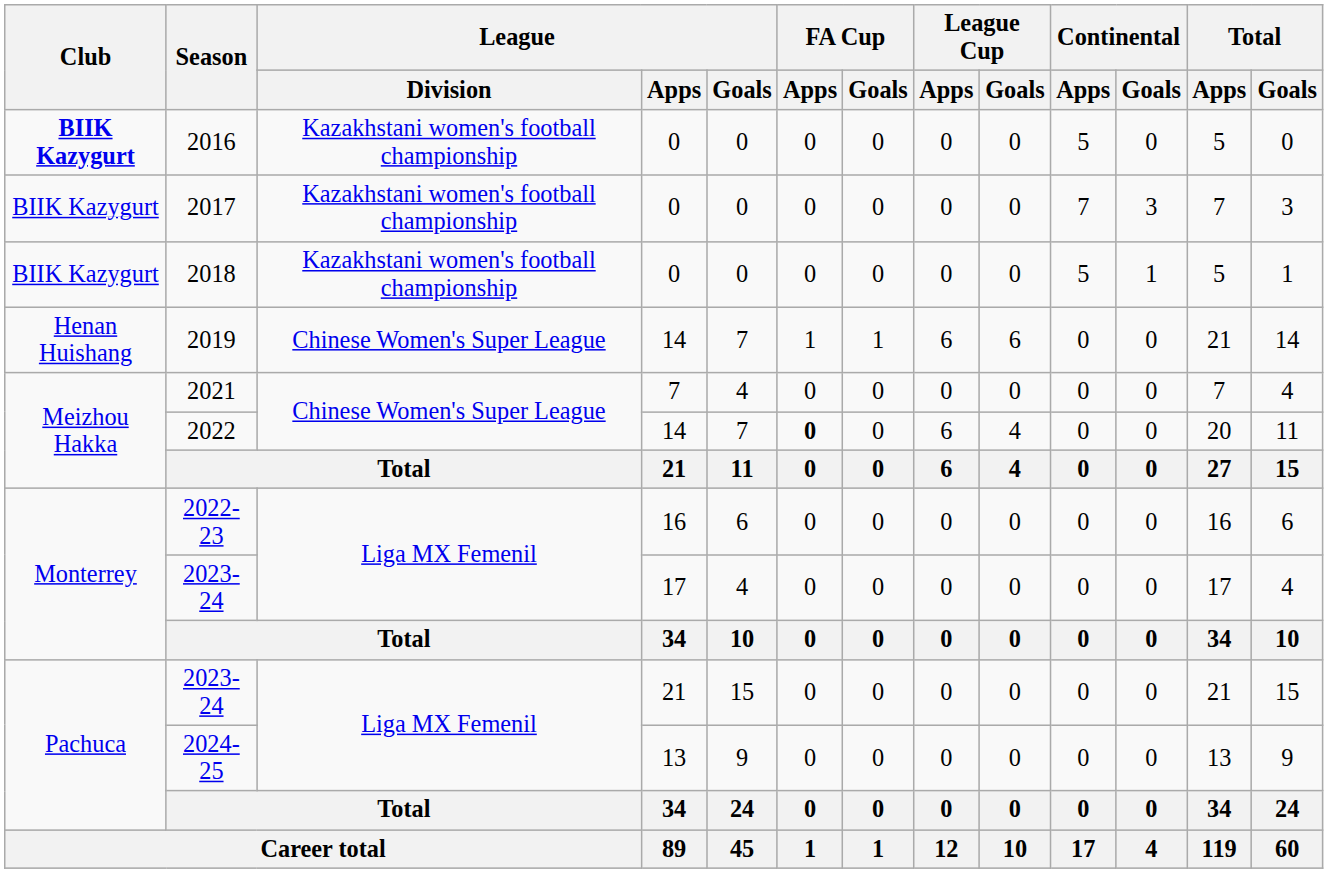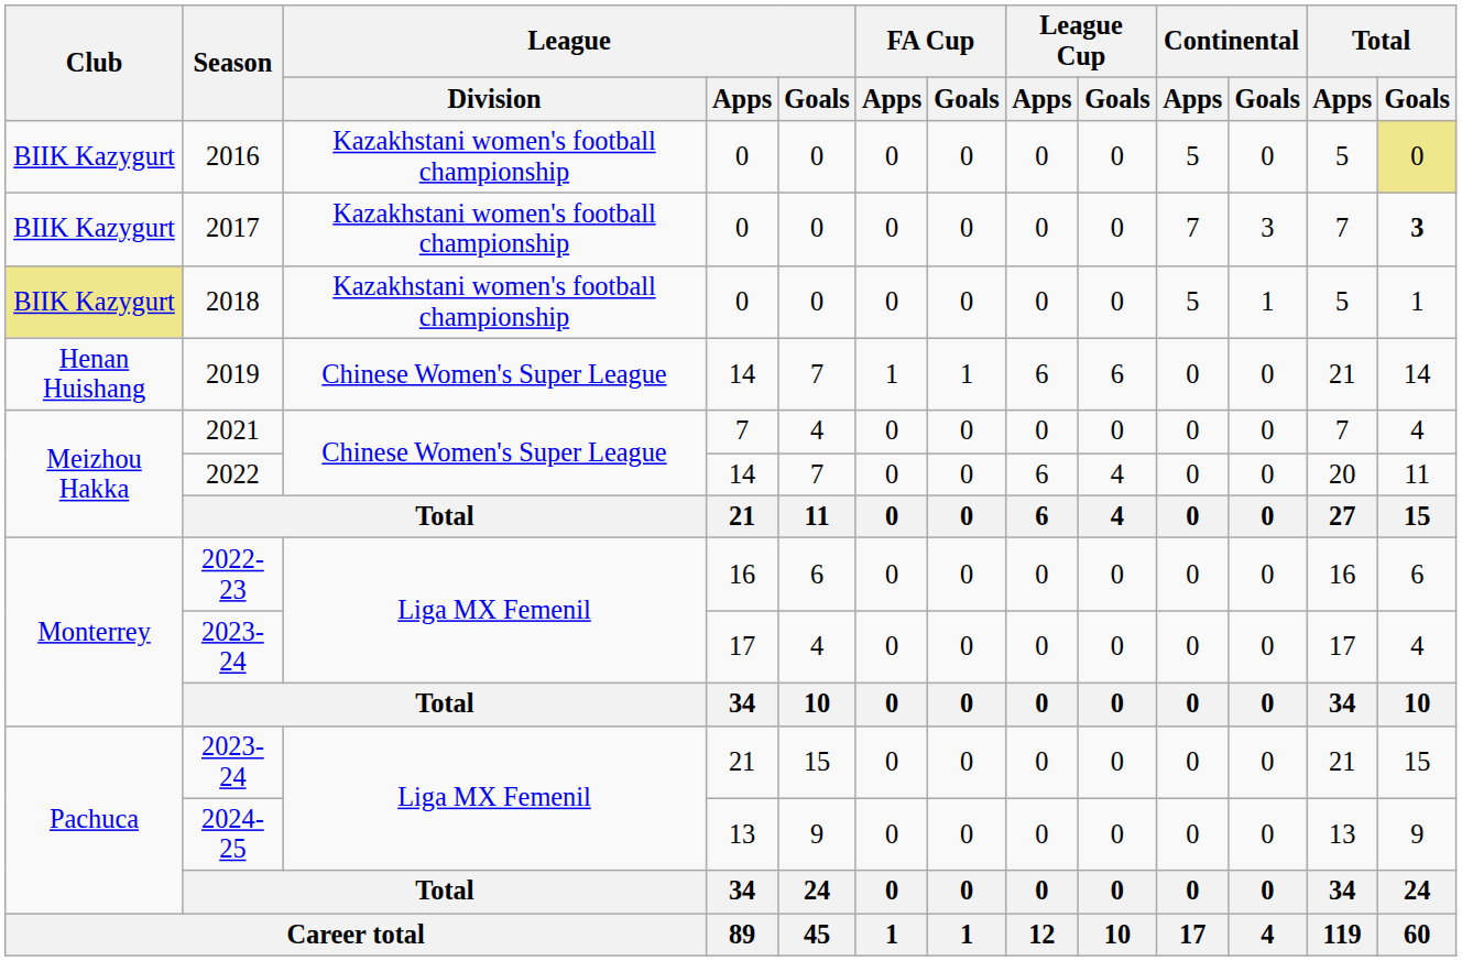 <table class="wikitable" style="text-align:center">
 <tr>
 <th rowspan="2">Club</th>
 <th rowspan="2">Season</th>
 <th colspan="3">League</th>
 <th colspan="2">FA Cup</th>
 <th colspan="2">League Cup</th>
 <th colspan="2">Continental</th>
 <th colspan="2">Total</th>
 </tr>
 <tr>
 <th>Division</th>
 <th>Apps</th>
 <th>Goals</th>
 <th>Apps</th>
 <th>Goals</th>
 <th>Apps</th>
 <th>Goals</th>
 <th>Apps</th>
 <th>Goals</th>
 <th>Apps</th>
 <th>Goals</th>
 </tr>
 <tr>
-<td><strong><a href='#'>BIIK Kazygurt</a></strong></td>
+<td><a href='#'>BIIK Kazygurt</a></td>
 <td>2016</td>
 <td><a href='#'>Kazakhstani women's football championship</a></td>
 <td>0</td>
 <td>0</td>
 <td>0</td>
 <td>0</td>
 <td>0</td>
 <td>0</td>
 <td>5</td>
 <td>0</td>
 <td>5</td>
-<td>0</td>
+<td style="background: khaki;">0</td>
 </tr>
 <tr>
 <td><a href='#'>BIIK Kazygurt</a></td>
 <td>2017</td>
 <td><a href='#'>Kazakhstani women's football championship</a></td>
 <td>0</td>
 <td>0</td>
 <td>0</td>
 <td>0</td>
 <td>0</td>
 <td>0</td>
 <td>7</td>
 <td>3</td>
 <td>7</td>
-<td>3</td>
+<td><strong>3</strong></td>
 </tr>
 <tr>
-<td><a href='#'>BIIK Kazygurt</a></td>
+<td style="background: khaki;"><a href='#'>BIIK Kazygurt</a></td>
 <td>2018</td>
 <td><a href='#'>Kazakhstani women's football championship</a></td>
 <td>0</td>
 <td>0</td>
 <td>0</td>
 <td>0</td>
 <td>0</td>
 <td>0</td>
 <td>5</td>
 <td>1</td>
 <td>5</td>
 <td>1</td>
 </tr>
 <tr>
 <td><a href='#'>Henan Huishang</a></td>
 <td>2019</td>
 <td><a href='#'>Chinese Women's Super League</a></td>
 <td>14</td>
 <td>7</td>
 <td>1</td>
 <td>1</td>
 <td>6</td>
 <td>6</td>
 <td>0</td>
 <td>0</td>
 <td>21</td>
 <td>14</td>
 </tr>
 <tr>
 <td rowspan="3" align="center"><a href='#'>Meizhou Hakka</a></td>
 <td>2021</td>
 <td rowspan="2" align="center"><a href='#'>Chinese Women's Super League</a></td>
 <td>7</td>
 <td>4</td>
 <td>0</td>
 <td>0</td>
 <td>0</td>
 <td>0</td>
 <td>0</td>
 <td>0</td>
 <td>7</td>
 <td>4</td>
 </tr>
 <tr>
 <td>2022</td>
 <td>14</td>
 <td>7</td>
-<td><strong>0</strong></td>
+<td>0</td>
 <td>0</td>
 <td>6</td>
 <td>4</td>
 <td>0</td>
 <td>0</td>
 <td>20</td>
 <td>11</td>
 </tr>
 <tr>
 <th colspan="2">Total</th>
 <th>21</th>
 <th>11</th>
 <th>0</th>
 <th>0</th>
 <th>6</th>
 <th>4</th>
 <th>0</th>
 <th>0</th>
 <th>27</th>
 <th>15</th>
 </tr>
 <tr>
 <td rowspan="3" align="center"><a href='#'>Monterrey</a></td>
 <td><a href='#'>2022-23</a></td>
 <td rowspan="2" align="center"><a href='#'>Liga MX Femenil</a></td>
 <td>16</td>
 <td>6</td>
 <td>0</td>
 <td>0</td>
 <td>0</td>
 <td>0</td>
 <td>0</td>
 <td>0</td>
 <td>16</td>
 <td>6</td>
 </tr>
 <tr>
 <td><a href='#'>2023-24</a></td>
 <td>17</td>
 <td>4</td>
 <td>0</td>
 <td>0</td>
 <td>0</td>
 <td>0</td>
 <td>0</td>
 <td>0</td>
 <td>17</td>
 <td>4</td>
 </tr>
 <tr>
 <th colspan="2">Total</th>
 <th>34</th>
 <th>10</th>
 <th>0</th>
 <th>0</th>
 <th>0</th>
 <th>0</th>
 <th>0</th>
 <th>0</th>
 <th>34</th>
 <th>10</th>
 </tr>
 <tr>
 <td rowspan="3" align="center"><a href='#'>Pachuca</a></td>
 <td><a href='#'>2023-24</a></td>
 <td rowspan="2" align="center"><a href='#'>Liga MX Femenil</a></td>
 <td>21</td>
 <td>15</td>
 <td>0</td>
 <td>0</td>
 <td>0</td>
 <td>0</td>
 <td>0</td>
 <td>0</td>
 <td>21</td>
 <td>15</td>
 </tr>
 <tr>
 <td><a href='#'>2024-25</a></td>
 <td>13</td>
 <td>9</td>
 <td>0</td>
 <td>0</td>
 <td>0</td>
 <td>0</td>
 <td>0</td>
 <td>0</td>
 <td>13</td>
 <td>9</td>
 </tr>
 <tr>
 <th colspan="2">Total</th>
 <th>34</th>
 <th>24</th>
 <th>0</th>
 <th>0</th>
 <th>0</th>
 <th>0</th>
 <th>0</th>
 <th>0</th>
 <th>34</th>
 <th>24</th>
 </tr>
 <tr>
 <th colspan="3">Career total</th>
 <th>89</th>
 <th>45</th>
 <th>1</th>
 <th>1</th>
 <th>12</th>
 <th>10</th>
 <th>17</th>
 <th>4</th>
 <th>119</th>
 <th>60</th>
 </tr>
 </table>
